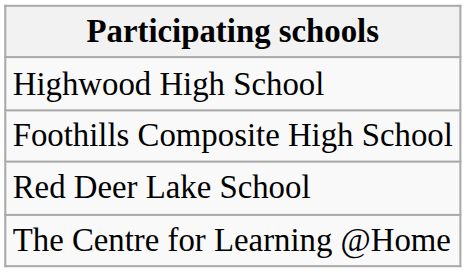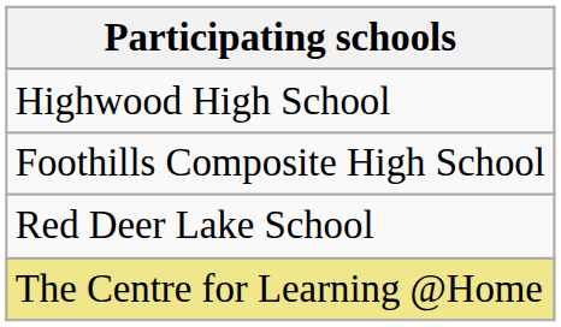 <table class="wikitable" align=right>
 <tr>
 <th>Participating schools</th>
 </tr>
 <tr>
 <td>Highwood High School</td>
 </tr>
 <tr>
 <td>Foothills Composite High School</td>
 </tr>
 <tr>
 <td>Red Deer Lake School</td>
 </tr>
 <tr>
-<td>The Centre for Learning @Home</td>
+<td style="background: khaki;">The Centre for Learning @Home</td>
 </tr>
 </table>
